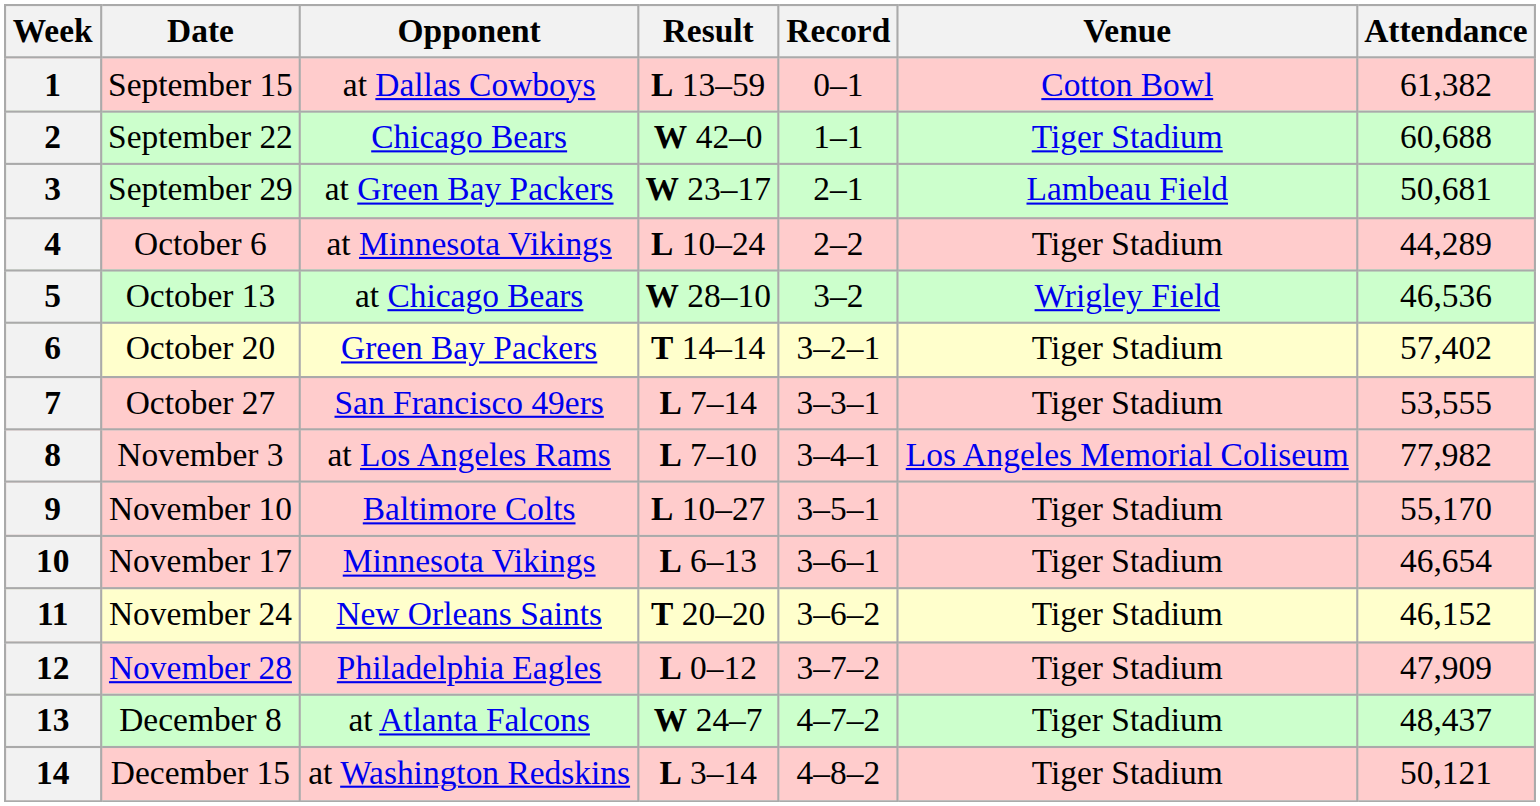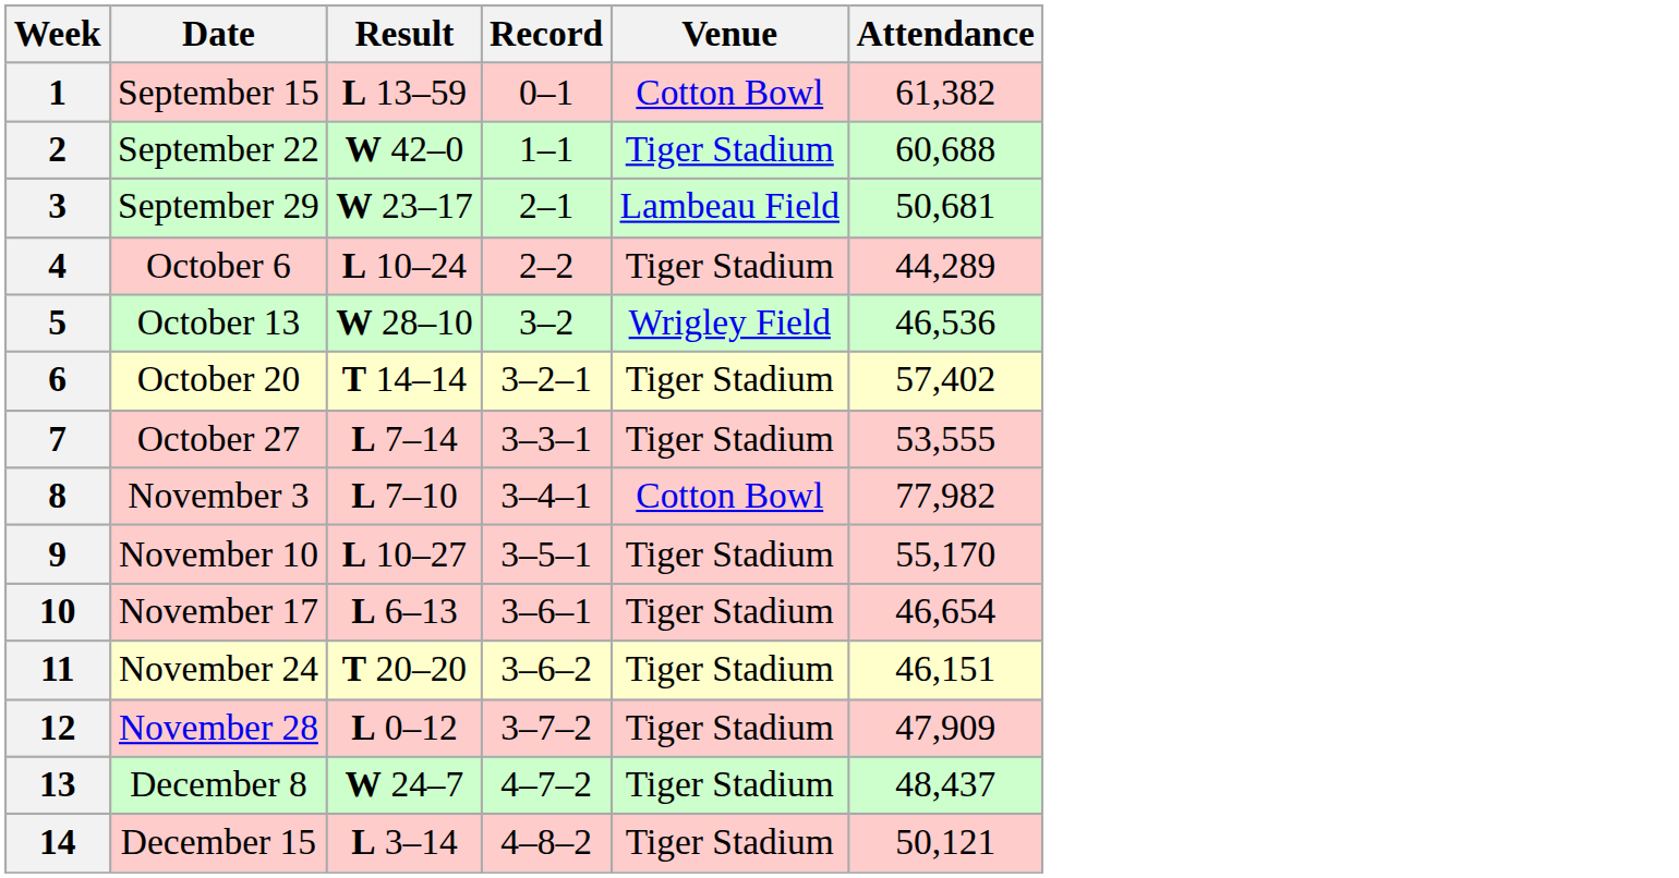 <table class="wikitable" style="text-align:center">
 <tr>
 <th>Week</th>
 <th>Date</th>
-<th>Opponent</th>
 <th>Result</th>
 <th>Record</th>
 <th>Venue</th>
 <th>Attendance</th>
 </tr>
 <tr style="background:#fcc">
 <th>1</th>
 <td>September 15</td>
-<td>at <a href='#'>Dallas Cowboys</a></td>
 <td><strong>L</strong> 13–59</td>
 <td>0–1</td>
 <td><a href='#'>Cotton Bowl</a></td>
 <td>61,382</td>
 </tr>
 <tr style="background:#cfc">
 <th>2</th>
 <td>September 22</td>
-<td><a href='#'>Chicago Bears</a></td>
 <td><strong>W</strong> 42–0</td>
 <td>1–1</td>
 <td><a href='#'>Tiger Stadium</a></td>
 <td>60,688</td>
 </tr>
 <tr style="background:#cfc">
 <th>3</th>
 <td>September 29</td>
-<td>at <a href='#'>Green Bay Packers</a></td>
 <td><strong>W</strong> 23–17</td>
 <td>2–1</td>
 <td><a href='#'>Lambeau Field</a></td>
 <td>50,681</td>
 </tr>
 <tr style="background:#fcc">
 <th>4</th>
 <td>October 6</td>
-<td>at <a href='#'>Minnesota Vikings</a></td>
 <td><strong>L</strong> 10–24</td>
 <td>2–2</td>
 <td>Tiger Stadium</td>
 <td>44,289</td>
 </tr>
 <tr style="background:#cfc">
 <th>5</th>
 <td>October 13</td>
-<td>at <a href='#'>Chicago Bears</a></td>
 <td><strong>W</strong> 28–10</td>
 <td>3–2</td>
 <td><a href='#'>Wrigley Field</a></td>
 <td>46,536</td>
 </tr>
 <tr style="background:#ffc">
 <th>6</th>
 <td>October 20</td>
-<td><a href='#'>Green Bay Packers</a></td>
 <td><strong>T</strong> 14–14</td>
 <td>3–2–1</td>
 <td>Tiger Stadium</td>
 <td>57,402</td>
 </tr>
 <tr style="background:#fcc">
 <th>7</th>
 <td>October 27</td>
-<td><a href='#'>San Francisco 49ers</a></td>
 <td><strong>L</strong> 7–14</td>
 <td>3–3–1</td>
 <td>Tiger Stadium</td>
 <td>53,555</td>
 </tr>
 <tr style="background:#fcc">
 <th>8</th>
 <td>November 3</td>
-<td>at <a href='#'>Los Angeles Rams</a></td>
 <td><strong>L</strong> 7–10</td>
 <td>3–4–1</td>
-<td><a href='#'>Los Angeles Memorial Coliseum</a></td>
+<td><a href='#'>Cotton Bowl</a></td>
 <td>77,982</td>
 </tr>
 <tr style="background:#fcc">
 <th>9</th>
 <td>November 10</td>
-<td><a href='#'>Baltimore Colts</a></td>
 <td><strong>L</strong> 10–27</td>
 <td>3–5–1</td>
 <td>Tiger Stadium</td>
 <td>55,170</td>
 </tr>
 <tr style="background:#fcc">
 <th>10</th>
 <td>November 17</td>
-<td><a href='#'>Minnesota Vikings</a></td>
 <td><strong>L</strong> 6–13</td>
 <td>3–6–1</td>
 <td>Tiger Stadium</td>
 <td>46,654</td>
 </tr>
 <tr style="background:#ffc">
 <th>11</th>
 <td>November 24</td>
-<td><a href='#'>New Orleans Saints</a></td>
 <td><strong>T</strong> 20–20</td>
 <td>3–6–2</td>
 <td>Tiger Stadium</td>
-<td>46,152</td>
+<td>46,151</td>
 </tr>
 <tr style="background:#fcc">
 <th>12</th>
 <td><a href='#'>November 28</a></td>
-<td><a href='#'>Philadelphia Eagles</a></td>
 <td><strong>L</strong> 0–12</td>
 <td>3–7–2</td>
 <td>Tiger Stadium</td>
 <td>47,909</td>
 </tr>
 <tr style="background:#cfc">
 <th>13</th>
 <td>December 8</td>
-<td>at <a href='#'>Atlanta Falcons</a></td>
 <td><strong>W</strong> 24–7</td>
 <td>4–7–2</td>
 <td>Tiger Stadium</td>
 <td>48,437</td>
 </tr>
 <tr style="background:#fcc">
 <th>14</th>
 <td>December 15</td>
-<td>at <a href='#'>Washington Redskins</a></td>
 <td><strong>L</strong> 3–14</td>
 <td>4–8–2</td>
 <td>Tiger Stadium</td>
 <td>50,121</td>
 </tr>
 </table>
